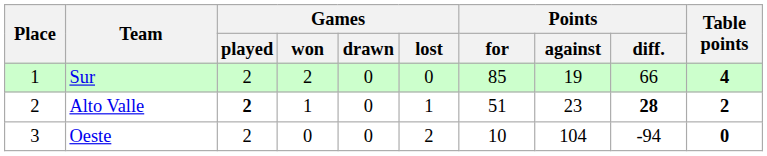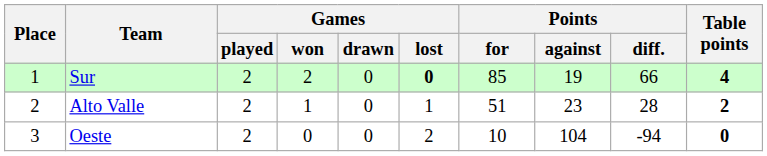 <table class="wikitable">
 <tr>
 <th rowspan=2 width="8%">Place</th>
 <th rowspan=2 width="20%">Team</th>
 <th colspan=4 width="32%">Games</th>
 <th colspan=3 width="30%">Points</th>
 <th rowspan=2 width="10%">Table<br>points</th>
 </tr>
 <tr>
 <th width="8%">played</th>
 <th width="8%">won</th>
 <th width="8%">drawn</th>
 <th width="8%">lost</th>
 <th width="10%">for</th>
 <th width="10%">against</th>
 <th width="10%">diff.</th>
 </tr>
 <tr align=center style="background: #ccffcc;">
 <td>1</td>
 <td align=left><a href='#'>Sur</a></td>
 <td>2</td>
 <td>2</td>
 <td>0</td>
-<td>0</td>
+<td><strong>0</strong></td>
 <td>85</td>
 <td>19</td>
 <td>66</td>
 <td><strong>4</strong></td>
 </tr>
 <tr align=center style="background: #ffffff;">
 <td>2</td>
 <td align=left><a href='#'>Alto Valle</a></td>
-<td><strong>2</strong></td>
+<td>2</td>
 <td>1</td>
 <td>0</td>
 <td>1</td>
 <td>51</td>
 <td>23</td>
-<td><strong>28</strong></td>
+<td>28</td>
 <td><strong>2</strong></td>
 </tr>
 <tr align=center style="background: #ffffff;">
 <td>3</td>
 <td align=left><a href='#'>Oeste</a></td>
 <td>2</td>
 <td>0</td>
 <td>0</td>
 <td>2</td>
 <td>10</td>
 <td>104</td>
 <td>-94</td>
 <td><strong>0</strong></td>
 </tr>
 </table>
